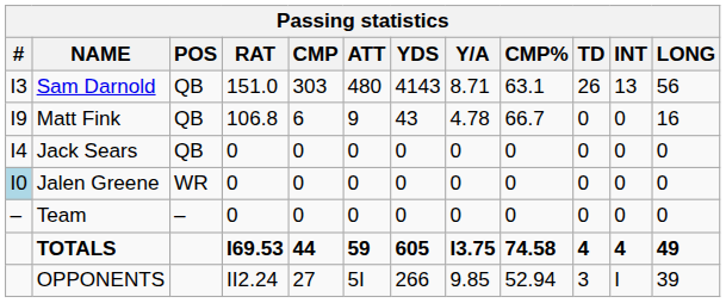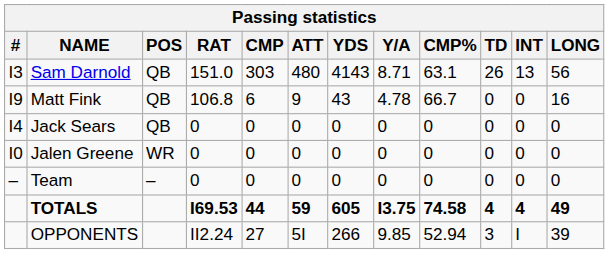 <table class="wikitable sortable collapsible collapsed">
 <tr>
 <th colspan="12">Passing statistics</th>
 </tr>
 <tr>
 <th>#</th>
 <th>NAME</th>
 <th>POS</th>
 <th>RAT</th>
 <th>CMP</th>
 <th>ATT</th>
 <th>YDS</th>
 <th>Y/A</th>
 <th>CMP%</th>
 <th>TD</th>
 <th>INT</th>
 <th>LONG</th>
 </tr>
 <tr>
 <td>I3</td>
 <td><a href='#'>Sam Darnold</a></td>
 <td>QB</td>
 <td>151.0</td>
 <td>303</td>
 <td>480</td>
 <td>4143</td>
 <td>8.71</td>
 <td>63.1</td>
 <td>26</td>
 <td>13</td>
 <td>56</td>
 </tr>
 <tr>
 <td>I9</td>
 <td>Matt Fink</td>
 <td>QB</td>
 <td>106.8</td>
 <td>6</td>
 <td>9</td>
 <td>43</td>
 <td>4.78</td>
 <td>66.7</td>
 <td>0</td>
 <td>0</td>
 <td>16</td>
 </tr>
 <tr>
 <td>I4</td>
 <td>Jack Sears</td>
 <td>QB</td>
 <td>0</td>
 <td>0</td>
 <td>0</td>
 <td>0</td>
 <td>0</td>
 <td>0</td>
 <td>0</td>
 <td>0</td>
 <td>0</td>
 </tr>
 <tr>
-<td style="background: lightblue;">I0</td>
+<td>I0</td>
 <td>Jalen Greene</td>
 <td>WR</td>
 <td>0</td>
 <td>0</td>
 <td>0</td>
 <td>0</td>
 <td>0</td>
 <td>0</td>
 <td>0</td>
 <td>0</td>
 <td>0</td>
 </tr>
 <tr>
 <td>–</td>
 <td>Team</td>
 <td>–</td>
 <td>0</td>
 <td>0</td>
 <td>0</td>
 <td>0</td>
 <td>0</td>
 <td>0</td>
 <td>0</td>
 <td>0</td>
 <td>0</td>
 </tr>
 <tr>
 <td></td>
 <td><strong>TOTALS</strong></td>
 <td></td>
 <td><strong>I69.53</strong></td>
 <td><strong>44</strong></td>
 <td><strong>59</strong></td>
 <td><strong>605</strong></td>
 <td><strong>I3.75</strong></td>
 <td><strong>74.58</strong></td>
 <td><strong>4</strong></td>
 <td><strong>4</strong></td>
 <td><strong>49</strong></td>
 </tr>
 <tr>
 <td></td>
 <td>OPPONENTS</td>
 <td></td>
 <td>II2.24</td>
 <td>27</td>
 <td>5I</td>
 <td>266</td>
 <td>9.85</td>
 <td>52.94</td>
 <td>3</td>
 <td>I</td>
 <td>39</td>
 </tr>
 </table>
